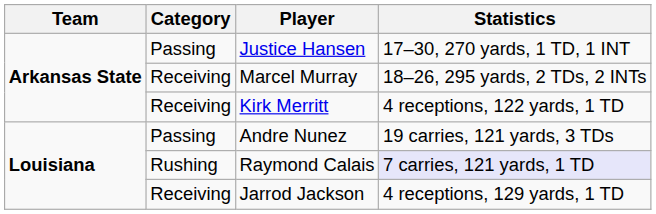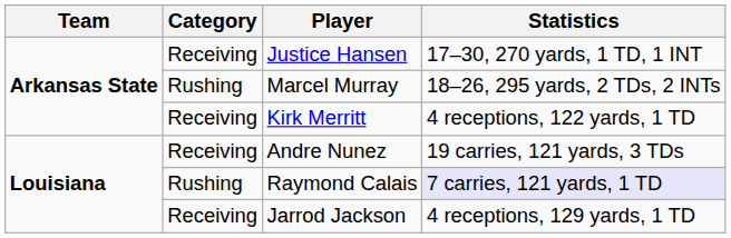 <table class="wikitable">
 <tr>
 <th>Team</th>
 <th>Category</th>
 <th>Player</th>
 <th>Statistics</th>
 </tr>
 <tr>
 <td rowspan=3><strong>Arkansas State</strong></td>
-<td>Passing</td>
+<td>Receiving</td>
 <td><a href='#'>Justice Hansen</a></td>
 <td>17–30, 270 yards, 1 TD, 1 INT</td>
 </tr>
 <tr>
-<td>Receiving</td>
+<td>Rushing</td>
 <td>Marcel Murray</td>
 <td>18–26, 295 yards, 2 TDs, 2 INTs</td>
 </tr>
 <tr>
 <td>Receiving</td>
 <td><a href='#'>Kirk Merritt</a></td>
 <td>4 receptions, 122 yards, 1 TD</td>
 </tr>
 <tr>
 <td rowspan=3><strong>Louisiana</strong></td>
-<td>Passing</td>
+<td>Receiving</td>
 <td>Andre Nunez</td>
 <td>19 carries, 121 yards, 3 TDs</td>
 </tr>
 <tr>
 <td>Rushing</td>
 <td>Raymond Calais</td>
 <td style="background: lavender;">7 carries, 121 yards, 1 TD</td>
 </tr>
 <tr>
 <td>Receiving</td>
 <td>Jarrod Jackson</td>
 <td>4 receptions, 129 yards, 1 TD</td>
 </tr>
 </table>
